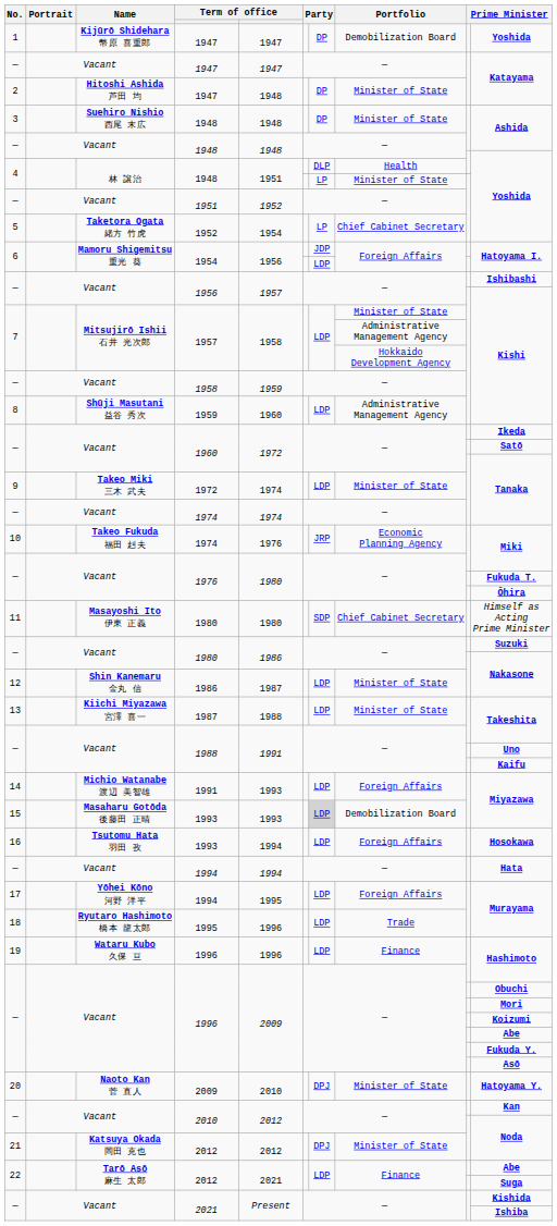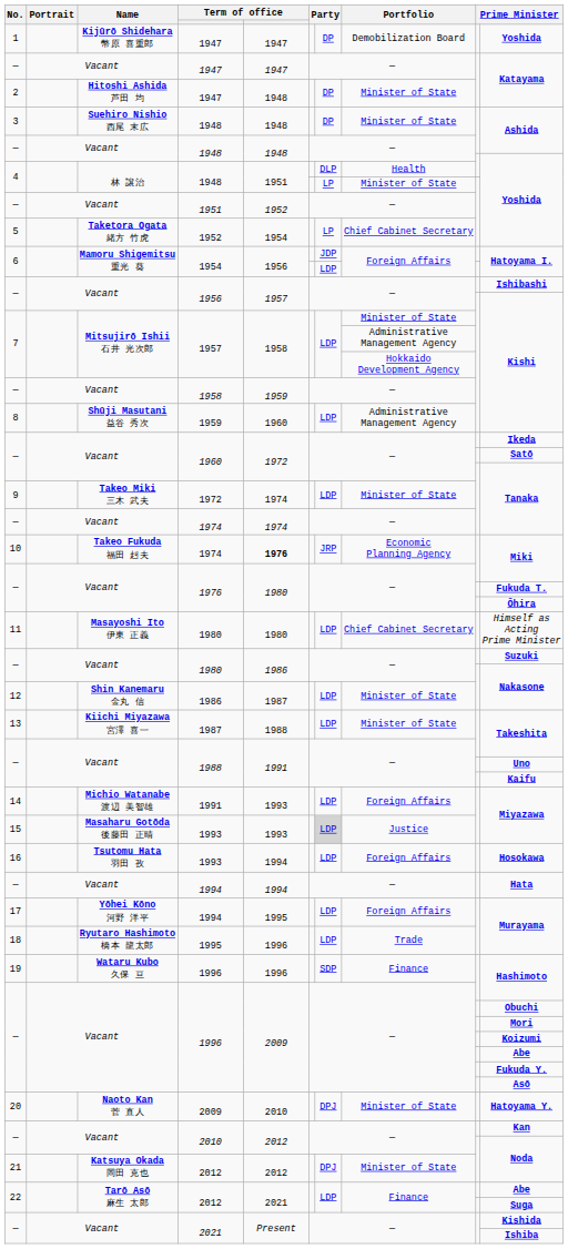 <table class="wikitable" style="text-align:center; border:1px #aaf solid;">
 <tr>
 <th rowspan="2">No.</th>
 <th rowspan="2">Portrait</th>
 <th rowspan="2">Name<br></th>
 <th colspan="2">Term of office</th>
 <th colspan="2" rowspan="2">Party</th>
 <th rowspan="2">Portfolio</th>
 <th colspan="2" rowspan="2"><a href='#'>Prime Minister</a></th>
 </tr>
 <tr>
 <th width="85"></th>
 <th width="85"></th>
 </tr>
 <tr>
 <td>1</td>
 <td width="65"></td>
 <td><strong><a href='#'>Kijūrō Shidehara</a></strong><br>幣原 喜重郎<br></td>
 <td class="nowrap"><br>1947</td>
 <td class="nowrap"><br>1947</td>
 <td style="background:"></td>
 <td><a href='#'>DP</a></td>
 <td>Demobilization Board</td>
 <td style="background:"></td>
 <td><strong><a href='#'>Yoshida</a></strong><br></td>
 </tr>
 <tr>
 <td>—</td>
 <td colspan="2"><em>Vacant</em></td>
 <td><em><br>1947</em></td>
 <td><em><br>1947</em></td>
 <td colspan="3">—</td>
 <td rowspan="2" style="background:"></td>
 <td rowspan="2"><a href='#'><strong>Katayama</strong></a><br></td>
 </tr>
 <tr>
 <td>2</td>
 <td></td>
 <td><strong><a href='#'>Hitoshi Ashida</a></strong><br>芦田 均<br></td>
 <td><br>1947</td>
 <td><br>1948</td>
 <td style="background:"></td>
 <td><a href='#'>DP</a></td>
 <td><a href='#'>Minister of State</a></td>
 </tr>
 <tr>
 <td>3</td>
 <td></td>
 <td><strong><a href='#'>Suehiro Nishio</a></strong><br>西尾 末広<br></td>
 <td><br>1948</td>
 <td><br>1948</td>
 <td style="background:"></td>
 <td><a href='#'>DP</a></td>
 <td><a href='#'>Minister of State</a></td>
 <td rowspan="2" style="background:"></td>
 <td rowspan="2"><a href='#'><strong>Ashida</strong></a><br></td>
 </tr>
 <tr style="height:25px;">
 <td rowspan="2">—</td>
 <td colspan="2" rowspan="2"><em>Vacant</em></td>
 <td rowspan="2"><em><br>1948</em></td>
 <td rowspan="2"><em><br>1948</em></td>
 <td colspan="3" rowspan="2">—</td>
 </tr>
 <tr>
 <td rowspan="2" style="background:"></td>
 <td rowspan="6"><strong><a href='#'>Yoshida</a></strong><br></td>
 </tr>
 <tr>
 <td rowspan="3">4</td>
 <td rowspan="3"></td>
 <td rowspan="3"><strong></strong><br>林 譲治<br></td>
 <td rowspan="3"><br>1948</td>
 <td rowspan="3"><br>1951</td>
 <td style="background:"></td>
 <td><a href='#'>DLP</a><br></td>
 <td rowspan="2"><a href='#'>Health</a><br></td>
 </tr>
 <tr>
 <td rowspan="2" style="background:"></td>
 <td rowspan="2"><a href='#'>LP</a><br></td>
 <td rowspan="4" style="background:"></td>
 </tr>
 <tr>
 <td><a href='#'>Minister of State</a><br></td>
 </tr>
 <tr>
 <td>—</td>
 <td colspan="2"><em>Vacant</em></td>
 <td><em><br>1951</em></td>
 <td><em><br>1952</em></td>
 <td colspan="3">—</td>
 </tr>
 <tr>
 <td>5</td>
 <td></td>
 <td><strong><a href='#'>Taketora Ogata</a></strong><br>緒方 竹虎<br></td>
 <td><br>1952</td>
 <td><br>1954</td>
 <td style="background:"></td>
 <td><a href='#'>LP</a></td>
 <td><a href='#'>Chief Cabinet Secretary</a></td>
 </tr>
 <tr>
 <td rowspan="2">6</td>
 <td rowspan="2"></td>
 <td rowspan="2"><strong><a href='#'>Mamoru Shigemitsu</a></strong><br>重光 葵<br></td>
 <td rowspan="2"><br>1954</td>
 <td rowspan="2"><br>1956</td>
 <td style="background:"></td>
 <td><a href='#'>JDP</a><br></td>
 <td rowspan="2"><a href='#'>Foreign Affairs</a></td>
 <td style="background:"></td>
 <td rowspan="2"><a href='#'><strong>Hatoyama I.</strong></a><br></td>
 </tr>
 <tr>
 <td style="background:"></td>
 <td><a href='#'>LDP</a><br></td>
 <td style="background:"></td>
 </tr>
 <tr>
 <td rowspan="2">—</td>
 <td colspan="2" rowspan="2"><em>Vacant</em></td>
 <td rowspan="2"><em><br>1956</em></td>
 <td rowspan="2"><em><br>1957</em></td>
 <td colspan="3" rowspan="2">—</td>
 <td style="background:"></td>
 <td><a href='#'><strong>Ishibashi</strong></a><br></td>
 </tr>
 <tr style="height:25px;">
 <td rowspan="6" style="background:"></td>
 <td rowspan="6"><a href='#'><strong>Kishi</strong></a><br></td>
 </tr>
 <tr>
 <td rowspan="3">7</td>
 <td rowspan="3"></td>
 <td rowspan="3"><strong><a href='#'>Mitsujirō Ishii</a></strong><br>石井 光次郎<br></td>
 <td rowspan="3"><br>1957</td>
 <td rowspan="3"><br>1958</td>
 <td rowspan="3" style="background:"></td>
 <td rowspan="3"><a href='#'>LDP</a></td>
 <td><a href='#'>Minister of State</a><br></td>
 </tr>
 <tr>
 <td>Administrative<br>Management Agency<br></td>
 </tr>
 <tr>
 <td><a href='#'>Hokkaido<br>Development Agency</a><br></td>
 </tr>
 <tr>
 <td>—</td>
 <td colspan="2"><em>Vacant</em></td>
 <td><em><br>1958</em></td>
 <td><em><br>1959</em></td>
 <td colspan="3">—</td>
 </tr>
 <tr>
 <td>8</td>
 <td></td>
 <td><strong><a href='#'>Shūji Masutani</a></strong><br>益谷 秀次<br></td>
 <td><br>1959</td>
 <td><br>1960</td>
 <td style="background:"></td>
 <td><a href='#'>LDP</a></td>
 <td>Administrative<br>Management Agency</td>
 </tr>
 <tr>
 <td rowspan="3">—</td>
 <td colspan="2" rowspan="3"><em>Vacant</em></td>
 <td rowspan="3"><em><br>1960</em></td>
 <td rowspan="3"><em><br>1972</em></td>
 <td colspan="3" rowspan="3">—</td>
 <td style="background:"></td>
 <td><a href='#'><strong>Ikeda</strong></a><br></td>
 </tr>
 <tr>
 <td style="background:"></td>
 <td><a href='#'><strong>Satō</strong></a><br></td>
 </tr>
 <tr style="height:25px;">
 <td rowspan="3" style="background:"></td>
 <td rowspan="3"><a href='#'><strong>Tanaka</strong></a><br></td>
 </tr>
 <tr>
 <td>9</td>
 <td></td>
 <td><strong><a href='#'>Takeo Miki</a></strong><br>三木 武夫<br></td>
 <td><br>1972</td>
 <td><br>1974</td>
 <td style="background:"></td>
 <td><a href='#'>LDP</a></td>
 <td><a href='#'>Minister of State</a></td>
 </tr>
 <tr>
 <td>—</td>
 <td colspan="2"><em>Vacant</em></td>
 <td><em><br>1974</em></td>
 <td><em><br>1974</em></td>
 <td colspan="3">—</td>
 </tr>
 <tr>
 <td>10</td>
 <td></td>
 <td><strong><a href='#'>Takeo Fukuda</a></strong><br>福田 赳夫<br></td>
 <td><br>1974</td>
-<td><br>1976</td>
+<td><strong><br>1976</strong></td>
 <td style="background:"></td>
 <td><a href='#'>JRP</a></td>
 <td><a href='#'>Economic<br>Planning Agency</a></td>
 <td rowspan="2" style="background:"></td>
 <td rowspan="2"><a href='#'><strong>Miki</strong></a><br></td>
 </tr>
 <tr style="height:25px;">
 <td rowspan="3">—</td>
 <td colspan="2" rowspan="3"><em>Vacant</em></td>
 <td rowspan="3"><em><br>1976</em></td>
 <td rowspan="3"><em><br>1980</em></td>
 <td colspan="3" rowspan="3">—</td>
 </tr>
 <tr>
 <td style="background:"></td>
 <td><a href='#'><strong>Fukuda T.</strong></a><br></td>
 </tr>
 <tr>
 <td style="background:"></td>
 <td><a href='#'><strong>Ōhira</strong></a><br></td>
 </tr>
 <tr>
 <td>11</td>
 <td></td>
 <td><strong><a href='#'>Masayoshi Ito</a></strong><br>伊東 正義<br></td>
 <td><br>1980</td>
 <td><br>1980</td>
 <td style="background:"></td>
-<td><a href='#'>SDP</a></td>
+<td><a href='#'>LDP</a></td>
 <td><a href='#'>Chief Cabinet Secretary</a></td>
 <td style="background:"></td>
 <td><em>Himself as<br>Acting<br>Prime Minister</em></td>
 </tr>
 <tr>
 <td rowspan="2">—</td>
 <td colspan="2" rowspan="2"><em>Vacant</em></td>
 <td rowspan="2"><em><br>1980</em></td>
 <td rowspan="2"><em><br>1986</em></td>
 <td colspan="3" rowspan="2">—</td>
 <td style="background:"></td>
 <td><a href='#'><strong>Suzuki</strong></a><br></td>
 </tr>
 <tr style="height:25px;">
 <td rowspan="2" style="background:"></td>
 <td rowspan="2"><a href='#'><strong>Nakasone</strong></a><br></td>
 </tr>
 <tr>
 <td>12</td>
 <td></td>
 <td><strong><a href='#'>Shin Kanemaru</a></strong><br>金丸 信<br></td>
 <td><br>1986</td>
 <td><br>1987</td>
 <td style="background:"></td>
 <td><a href='#'>LDP</a></td>
 <td><a href='#'>Minister of State</a></td>
 </tr>
 <tr>
 <td>13</td>
 <td></td>
 <td><strong><a href='#'>Kiichi Miyazawa</a></strong><br>宮澤 喜一<br></td>
 <td><br>1987</td>
 <td><br>1988</td>
 <td style="background:"></td>
 <td><a href='#'>LDP</a></td>
 <td><a href='#'>Minister of State</a></td>
 <td rowspan="2" style="background:"></td>
 <td rowspan="2"><a href='#'><strong>Takeshita</strong></a><br></td>
 </tr>
 <tr style="height:25px;">
 <td rowspan="3">—</td>
 <td colspan="2" rowspan="3"><em>Vacant</em></td>
 <td rowspan="3"><em><br>1988</em></td>
 <td rowspan="3"><em><br>1991</em></td>
 <td colspan="3" rowspan="3">—</td>
 </tr>
 <tr>
 <td style="background:"></td>
 <td><a href='#'><strong>Uno</strong></a><br></td>
 </tr>
 <tr>
 <td style="background:"></td>
 <td><a href='#'><strong>Kaifu</strong></a><br></td>
 </tr>
 <tr>
 <td>14</td>
 <td></td>
 <td><strong><a href='#'>Michio Watanabe</a></strong><br>渡辺 美智雄<br></td>
 <td><br>1991</td>
 <td><br>1993</td>
 <td style="background:"></td>
 <td><a href='#'>LDP</a></td>
 <td><a href='#'>Foreign Affairs</a></td>
 <td rowspan="2" style="background:"></td>
 <td rowspan="2"><a href='#'><strong>Miyazawa</strong></a><br></td>
 </tr>
 <tr>
 <td>15</td>
 <td></td>
 <td><strong><a href='#'>Masaharu Gotōda</a></strong><br>後藤田 正晴<br></td>
 <td><br>1993</td>
 <td><br>1993</td>
 <td style="background:"></td>
 <td style="background: lightgrey;"><a href='#'>LDP</a></td>
-<td>Demobilization Board</td>
+<td><a href='#'>Justice</a></td>
 </tr>
 <tr>
 <td>16</td>
 <td></td>
 <td><strong><a href='#'>Tsutomu Hata</a></strong><br>羽田 孜<br></td>
 <td><br>1993</td>
 <td><br>1994</td>
 <td style="background:"></td>
 <td><a href='#'>LDP</a></td>
 <td><a href='#'>Foreign Affairs</a></td>
 <td style="background:"></td>
 <td><a href='#'><strong>Hosokawa</strong></a><br></td>
 </tr>
 <tr>
 <td>—</td>
 <td colspan="2"><em>Vacant</em></td>
 <td><em><br>1994</em></td>
 <td><em><br>1994</em></td>
 <td colspan="3">—</td>
 <td style="background:"></td>
 <td><a href='#'><strong>Hata</strong></a><br></td>
 </tr>
 <tr>
 <td>17</td>
 <td></td>
 <td><strong><a href='#'>Yōhei Kōno</a></strong><br>河野 洋平<br></td>
 <td><br>1994</td>
 <td><br>1995</td>
 <td style="background:"></td>
 <td><a href='#'>LDP</a></td>
 <td><a href='#'>Foreign Affairs</a></td>
 <td rowspan="2" style="background:"></td>
 <td rowspan="2"><a href='#'><strong>Murayama</strong></a><br></td>
 </tr>
 <tr>
 <td>18</td>
 <td></td>
 <td><strong><a href='#'>Ryutaro Hashimoto</a></strong><br>橋本 龍太郎<br></td>
 <td><br>1995</td>
 <td><br>1996</td>
 <td style="background:"></td>
 <td><a href='#'>LDP</a></td>
 <td><a href='#'>Trade</a></td>
 </tr>
 <tr>
 <td>19</td>
 <td></td>
 <td><strong><a href='#'>Wataru Kubo</a></strong><br>久保 亘<br></td>
 <td><br>1996</td>
 <td><br>1996</td>
 <td style="background:"></td>
-<td><a href='#'>LDP</a></td>
+<td><a href='#'>SDP</a></td>
 <td><a href='#'>Finance</a></td>
 <td rowspan="2" style="background:"></td>
 <td rowspan="2"><a href='#'><strong>Hashimoto</strong></a><br></td>
 </tr>
 <tr style="height:25px;">
 <td rowspan="7">—</td>
 <td colspan="2" rowspan="7"><em>Vacant</em></td>
 <td rowspan="7"><em><br>1996</em></td>
 <td rowspan="7"><em><br>2009</em></td>
 <td colspan="3" rowspan="7">—</td>
 </tr>
 <tr>
 <td style="background:"></td>
 <td><a href='#'><strong>Obuchi</strong></a><br></td>
 </tr>
 <tr>
 <td style="background:"></td>
 <td><a href='#'><strong>Mori</strong></a><br></td>
 </tr>
 <tr>
 <td style="background:"></td>
 <td><a href='#'><strong>Koizumi</strong></a><br></td>
 </tr>
 <tr>
 <td style="background:"></td>
 <td><a href='#'><strong>Abe</strong></a><br></td>
 </tr>
 <tr>
 <td style="background:"></td>
 <td><a href='#'><strong>Fukuda Y.</strong></a><br></td>
 </tr>
 <tr>
 <td style="background:"></td>
 <td><a href='#'><strong>Asō</strong></a><br></td>
 </tr>
 <tr>
 <td>20</td>
 <td></td>
 <td><strong><a href='#'>Naoto Kan</a></strong><br>菅 直人<br></td>
 <td><br>2009</td>
 <td><br>2010</td>
 <td style="background:"></td>
 <td><a href='#'>DPJ</a></td>
 <td><a href='#'>Minister of State</a></td>
 <td style="background:"></td>
 <td><a href='#'><strong>Hatoyama Y.</strong></a><br></td>
 </tr>
 <tr>
 <td rowspan="2">—</td>
 <td colspan="2" rowspan="2"><em>Vacant</em></td>
 <td rowspan="2"><em><br>2010</em></td>
 <td rowspan="2"><em><br>2012</em></td>
 <td colspan="3" rowspan="2">—</td>
 <td style="background:"></td>
 <td><a href='#'><strong>Kan</strong></a><br></td>
 </tr>
 <tr style="height:25px;">
 <td rowspan="2" style="background:"></td>
 <td rowspan="2"><a href='#'><strong>Noda</strong></a><br></td>
 </tr>
 <tr>
 <td>21</td>
 <td></td>
 <td><strong><a href='#'>Katsuya Okada</a></strong><br>岡田 克也<br></td>
 <td><br>2012</td>
 <td><br>2012</td>
 <td style="background:"></td>
 <td><a href='#'>DPJ</a></td>
 <td><a href='#'>Minister of State</a></td>
 </tr>
 <tr>
 <td rowspan="2">22</td>
 <td rowspan="2"></td>
 <td rowspan="2"><strong><a href='#'>Tarō Asō</a></strong><br>麻生 太郎<br></td>
 <td rowspan="2"><br>2012</td>
 <td rowspan="2"><br>2021</td>
 <td rowspan="2" style="background:"></td>
 <td rowspan="2"><a href='#'>LDP</a></td>
 <td rowspan="2"><a href='#'>Finance</a></td>
 <td style="background:"></td>
 <td><a href='#'><strong>Abe</strong></a><br></td>
 </tr>
 <tr>
 <td style="background:"></td>
 <td><a href='#'><strong>Suga</strong></a><br></td>
 </tr>
 <tr>
 <td rowspan="2">—</td>
 <td colspan="2" rowspan="2"><em>Vacant</em></td>
 <td rowspan="2"><em><br>2021</em></td>
 <td rowspan="2"><em>Present</em></td>
 <td colspan="3" rowspan="2">—</td>
 <td rowspan="2" style="background:"></td>
 <td><a href='#'><strong>Kishida</strong></a><br></td>
 </tr>
 <tr>
 <td><a href='#'><strong>Ishiba</strong></a><br></td>
 </tr>
 </table>
